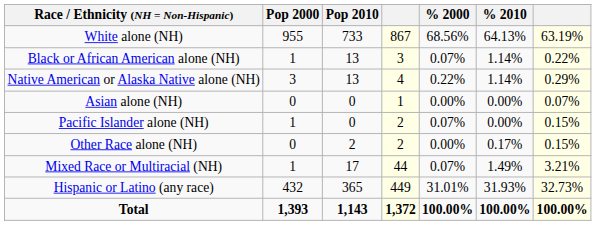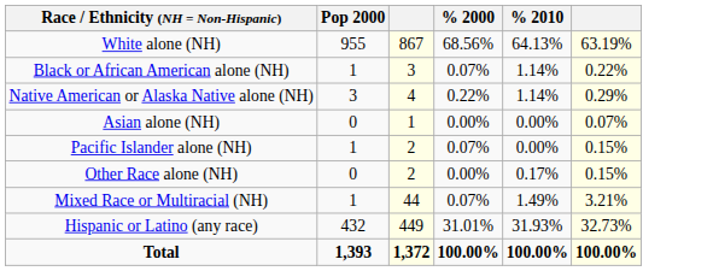 <table class="wikitable" style="text-align:center;">
 <tr>
 <th>Race / Ethnicity <small>(<em>NH = Non-Hispanic</em>)</small></th>
 <th>Pop 2000</th>
-<th>Pop 2010</th>
 <th></th>
 <th>% 2000</th>
 <th>% 2010</th>
 <th></th>
 </tr>
 <tr>
 <td><a href='#'>White</a> alone (NH)</td>
 <td>955</td>
-<td>733</td>
 <td style='background: #ffffe6;'>867</td>
 <td>68.56%</td>
 <td>64.13%</td>
 <td style='background: #ffffe6;'>63.19%</td>
 </tr>
 <tr>
 <td><a href='#'>Black or African American</a> alone (NH)</td>
 <td>1</td>
-<td>13</td>
 <td style='background: #ffffe6;'>3</td>
 <td>0.07%</td>
 <td>1.14%</td>
 <td style='background: #ffffe6;'>0.22%</td>
 </tr>
 <tr>
 <td><a href='#'>Native American</a> or <a href='#'>Alaska Native</a> alone (NH)</td>
 <td>3</td>
-<td>13</td>
 <td style='background: #ffffe6;'>4</td>
 <td>0.22%</td>
 <td>1.14%</td>
 <td style='background: #ffffe6;'>0.29%</td>
 </tr>
 <tr>
 <td><a href='#'>Asian</a> alone (NH)</td>
-<td>0</td>
 <td>0</td>
 <td style='background: #ffffe6;'>1</td>
 <td>0.00%</td>
 <td>0.00%</td>
 <td style='background: #ffffe6;'>0.07%</td>
 </tr>
 <tr>
 <td><a href='#'>Pacific Islander</a> alone (NH)</td>
 <td>1</td>
-<td>0</td>
 <td style='background: #ffffe6;'>2</td>
 <td>0.07%</td>
 <td>0.00%</td>
 <td style='background: #ffffe6;'>0.15%</td>
 </tr>
 <tr>
 <td><a href='#'>Other Race</a> alone (NH)</td>
 <td>0</td>
-<td>2</td>
 <td style='background: #ffffe6;'>2</td>
 <td>0.00%</td>
 <td>0.17%</td>
 <td style='background: #ffffe6;'>0.15%</td>
 </tr>
 <tr>
 <td><a href='#'>Mixed Race or Multiracial</a> (NH)</td>
 <td>1</td>
-<td>17</td>
 <td style='background: #ffffe6;'>44</td>
 <td>0.07%</td>
 <td>1.49%</td>
 <td style='background: #ffffe6;'>3.21%</td>
 </tr>
 <tr>
 <td><a href='#'>Hispanic or Latino</a> (any race)</td>
 <td>432</td>
-<td>365</td>
 <td style='background: #ffffe6;'>449</td>
 <td>31.01%</td>
 <td>31.93%</td>
 <td style='background: #ffffe6;'>32.73%</td>
 </tr>
 <tr>
 <td><strong>Total</strong></td>
 <td><strong>1,393</strong></td>
-<td><strong>1,143</strong></td>
 <td style='background: #ffffe6;'><strong>1,372</strong></td>
 <td><strong>100.00%</strong></td>
 <td><strong>100.00%</strong></td>
 <td style='background: #ffffe6;'><strong>100.00%</strong></td>
 </tr>
 </table>
